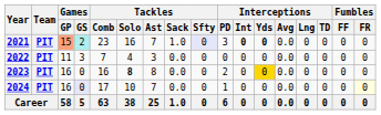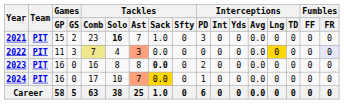 <table class="wikitable" style="text-align:center">
 <tr>
 <th rowspan="2">Year</th>
 <th rowspan="2">Team</th>
 <th colspan="2">Games</th>
 <th colspan="5">Tackles</th>
 <th colspan="6">Interceptions</th>
 <th colspan="2">Fumbles</th>
 </tr>
 <tr>
 <th>GP</th>
 <th>GS</th>
 <th>Comb</th>
 <th>Solo</th>
 <th>Ast</th>
 <th>Sack</th>
 <th>Sfty</th>
 <th>PD</th>
 <th>Int</th>
 <th>Yds</th>
 <th>Avg</th>
 <th>Lng</th>
 <th>TD</th>
 <th>FF</th>
 <th>FR</th>
 </tr>
 <tr>
 <th><a href='#'>2021</a></th>
 <th><a href='#'>PIT</a></th>
-<td style="background: lightsalmon;">15</td>
-<td style="background: paleturquoise;">2</td>
+<td>15</td>
+<td>2</td>
 <td>23</td>
-<td>16</td>
+<td><strong>16</strong></td>
 <td>7</td>
 <td>1.0</td>
-<td style="background: lavender;">0</td>
+<td>0</td>
 <td>3</td>
-<td><strong>0</strong></td>
-<td><strong>0</strong></td>
+<td>0</td>
+<td>0</td>
 <td>0.0</td>
 <td>0</td>
 <td>0</td>
 <td>0</td>
 <td>0</td>
 </tr>
 <tr>
 <th><a href='#'>2022</a></th>
 <th><a href='#'>PIT</a></th>
 <td>11</td>
 <td>3</td>
-<td>7</td>
+<td style="background: khaki;">7</td>
 <td>4</td>
-<td>3</td>
+<td style="background: lightsalmon;">3</td>
 <td>0.0</td>
 <td>0</td>
 <td>0</td>
 <td>0</td>
 <td>0</td>
 <td>0.0</td>
+<td style="background: gold;">0</td>
 <td>0</td>
 <td>0</td>
-<td>0</td>
-<td>0</td>
+<td style="background: lavender;">0</td>
 </tr>
 <tr>
 <th><a href='#'>2023</a></th>
 <th><a href='#'>PIT</a></th>
 <td>16</td>
 <td>0</td>
 <td>16</td>
-<td><strong>8</strong></td>
 <td>8</td>
-<td>0.0</td>
+<td>8</td>
+<td><strong>0.0</strong></td>
 <td>0</td>
 <td>2</td>
 <td>0</td>
-<td style="background: gold;">0</td>
+<td>0</td>
 <td>0.0</td>
 <td>0</td>
 <td>0</td>
 <td>0</td>
 <td>0</td>
 </tr>
 <tr>
 <th><a href='#'>2024</a></th>
 <th><a href='#'>PIT</a></th>
 <td>16</td>
-<td style="background: lavender;">0</td>
+<td>0</td>
 <td>17</td>
 <td>10</td>
-<td>7</td>
-<td>0.0</td>
+<td style="background: lightsalmon;">7</td>
+<td style="background: gold;">0.0</td>
 <td>0</td>
 <td>1</td>
 <td>0</td>
 <td>0</td>
 <td>0.0</td>
 <td>0</td>
 <td>0</td>
 <td>0</td>
-<td style="background: lightyellow;">0</td>
+<td>0</td>
 </tr>
 <tr>
 <th colspan="2">Career</th>
 <th>58</th>
 <th>5</th>
 <th>63</th>
 <th>38</th>
 <th>25</th>
 <th>1.0</th>
 <th>0</th>
 <th>6</th>
 <th>0</th>
 <th>0</th>
 <th>0.0</th>
 <th>0</th>
 <th>0</th>
 <th>0</th>
 <th>0</th>
 </tr>
 </table>
